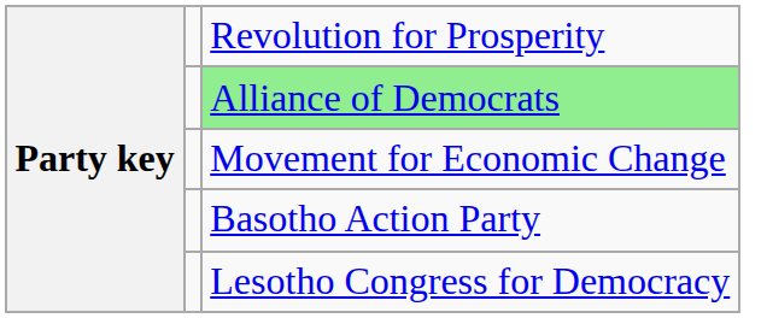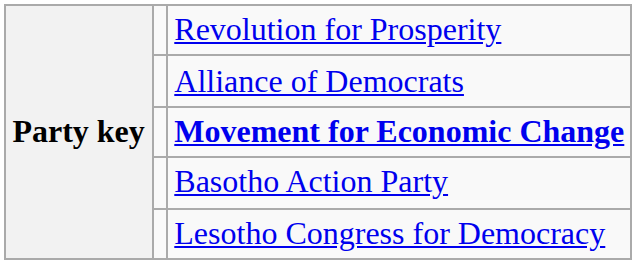 <table class=wikitable>
 <tr>
 <th rowspan=5>Party key</th>
 <td style="background:"></td>
 <td><a href='#'>Revolution for Prosperity</a></td>
 </tr>
 <tr>
 <td style="background:"></td>
-<td style="background: lightgreen;"><a href='#'>Alliance of Democrats</a></td>
+<td><a href='#'>Alliance of Democrats</a></td>
 </tr>
 <tr>
 <td style="background:"></td>
-<td><a href='#'>Movement for Economic Change</a></td>
+<td><strong><a href='#'>Movement for Economic Change</a></strong></td>
 </tr>
 <tr>
 <td style="background:"></td>
 <td><a href='#'>Basotho Action Party</a></td>
 </tr>
 <tr>
 <td style="background:"></td>
 <td><a href='#'>Lesotho Congress for Democracy</a></td>
 </tr>
 </table>
